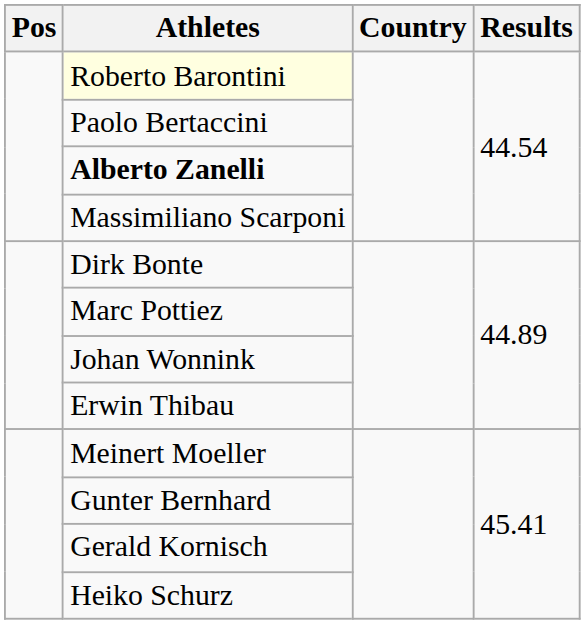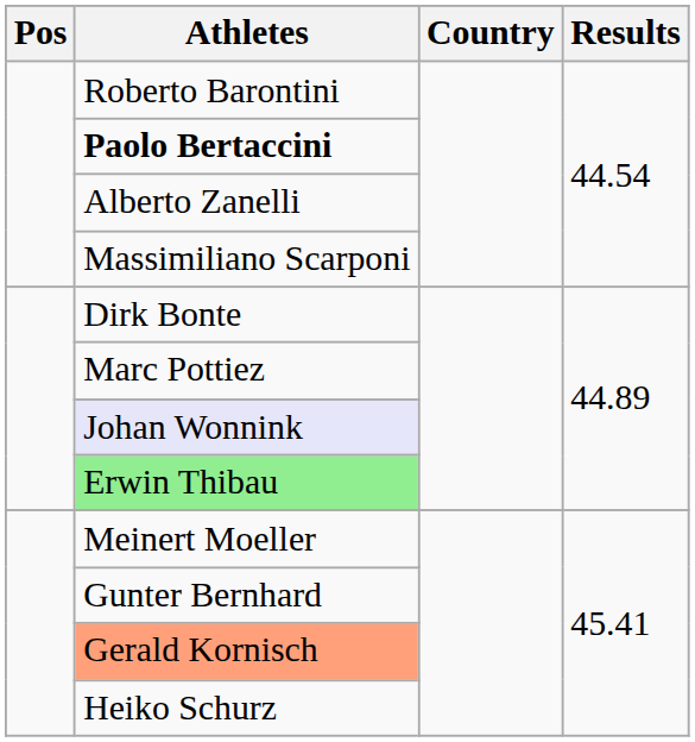 <table class="wikitable wikble">
 <tr>
 <th>Pos</th>
 <th>Athletes</th>
 <th>Country</th>
 <th>Results</th>
 </tr>
 <tr>
 <td rowspan="4"></td>
-<td style="background: lightyellow;">Roberto Barontini</td>
+<td>Roberto Barontini</td>
 <td rowspan="4"></td>
 <td rowspan="4">44.54</td>
 </tr>
 <tr>
-<td>Paolo Bertaccini</td>
+<td><strong>Paolo Bertaccini</strong></td>
 </tr>
 <tr>
-<td><strong>Alberto Zanelli</strong></td>
+<td>Alberto Zanelli</td>
 </tr>
 <tr>
 <td>Massimiliano Scarponi</td>
 </tr>
 <tr>
 <td rowspan="4"></td>
 <td>Dirk Bonte</td>
 <td rowspan="4"></td>
 <td rowspan="4">44.89</td>
 </tr>
 <tr>
 <td>Marc Pottiez</td>
 </tr>
 <tr>
-<td>Johan Wonnink</td>
+<td style="background: lavender;">Johan Wonnink</td>
 </tr>
 <tr>
-<td>Erwin Thibau</td>
+<td style="background: lightgreen;">Erwin Thibau</td>
 </tr>
 <tr>
 <td rowspan="4"></td>
 <td>Meinert Moeller</td>
 <td rowspan="4"></td>
 <td rowspan="4">45.41</td>
 </tr>
 <tr>
 <td>Gunter Bernhard</td>
 </tr>
 <tr>
-<td>Gerald Kornisch</td>
+<td style="background: lightsalmon;">Gerald Kornisch</td>
 </tr>
 <tr>
 <td>Heiko Schurz</td>
 </tr>
 </table>
